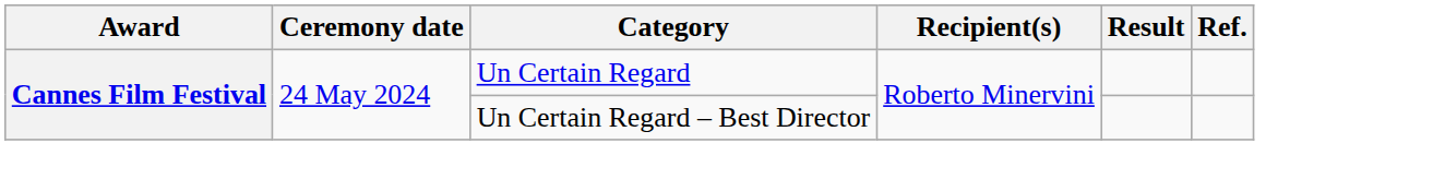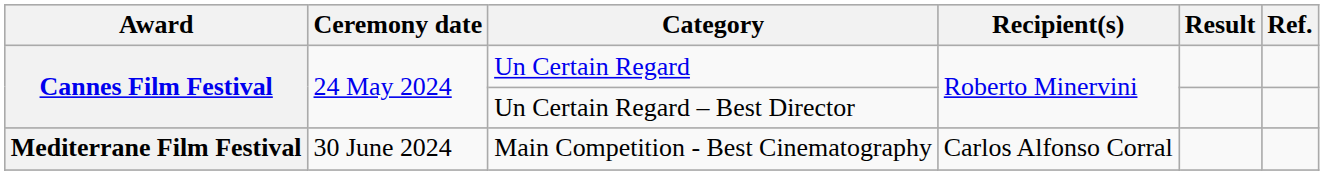 <table class="wikitable sortable plainrowheaders">
 <tr>
 <th scope="col">Award</th>
 <th scope="col">Ceremony date</th>
 <th scope="col">Category</th>
 <th scope="col">Recipient(s)</th>
 <th scope="col">Result</th>
 <th scope="col">Ref.</th>
 </tr>
 <tr>
 <th rowspan="2" scope="row"><a href='#'>Cannes Film Festival</a></th>
 <td rowspan="2"><a href='#'>24 May 2024</a></td>
 <td><a href='#'>Un Certain Regard</a></td>
 <td rowspan="2"><a href='#'>Roberto Minervini</a></td>
 <td></td>
 <td align="center"></td>
 </tr>
 <tr>
 <td>Un Certain Regard – Best Director</td>
 <td></td>
 <td align="center"></td>
 </tr>
+<tr>
+<th scope="row">Mediterrane Film Festival</th>
+<td>30 June 2024</td>
+<td>Main Competition - Best Cinematography</td>
+<td>Carlos Alfonso Corral</td>
+<td></td>
+<td align="center"></td>
+</tr>
 </table>
